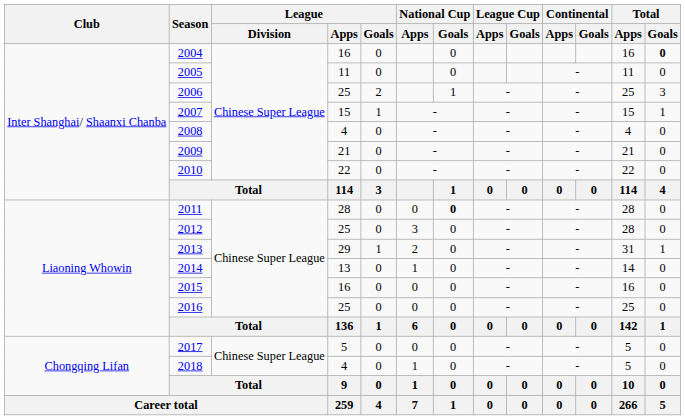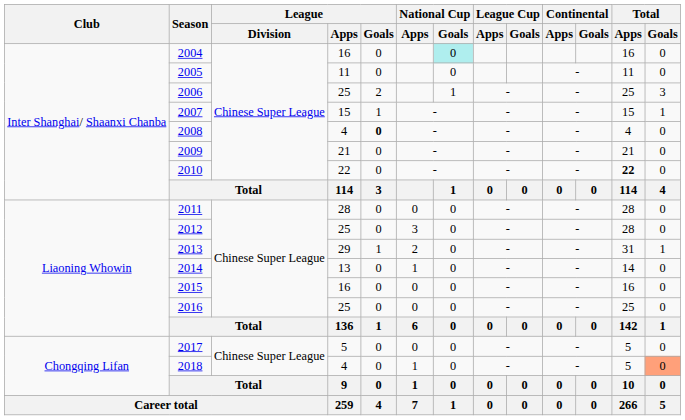 <table class="wikitable" style="text-align: center">
 <tr>
 <th rowspan="2">Club</th>
 <th rowspan="2">Season</th>
 <th colspan="3">League</th>
 <th colspan="2">National Cup</th>
 <th colspan="2">League Cup</th>
 <th colspan="2">Continental</th>
 <th colspan="2">Total</th>
 </tr>
 <tr>
 <th>Division</th>
 <th>Apps</th>
 <th>Goals</th>
 <th>Apps</th>
 <th>Goals</th>
 <th>Apps</th>
 <th>Goals</th>
 <th>Apps</th>
 <th>Goals</th>
 <th>Apps</th>
 <th>Goals</th>
 </tr>
 <tr>
 <td rowspan="8"><a href='#'>Inter Shanghai</a>/ <a href='#'>Shaanxi Chanba</a></td>
 <td><a href='#'>2004</a></td>
 <td rowspan="7"><a href='#'>Chinese Super League</a></td>
 <td>16</td>
 <td>0</td>
 <td></td>
-<td>0</td>
+<td style="background: paleturquoise;">0</td>
 <td></td>
 <td></td>
 <td></td>
 <td></td>
 <td>16</td>
-<td><strong>0</strong></td>
+<td>0</td>
 </tr>
 <tr>
 <td><a href='#'>2005</a></td>
 <td>11</td>
 <td>0</td>
 <td></td>
 <td>0</td>
 <td></td>
 <td></td>
 <td colspan="2">-</td>
 <td>11</td>
 <td>0</td>
 </tr>
 <tr>
 <td><a href='#'>2006</a></td>
 <td>25</td>
 <td>2</td>
 <td></td>
 <td>1</td>
 <td colspan="2">-</td>
 <td colspan="2">-</td>
 <td>25</td>
 <td>3</td>
 </tr>
 <tr>
 <td><a href='#'>2007</a></td>
 <td>15</td>
 <td>1</td>
 <td colspan="2">-</td>
 <td colspan="2">-</td>
 <td colspan="2">-</td>
 <td>15</td>
 <td>1</td>
 </tr>
 <tr>
 <td><a href='#'>2008</a></td>
 <td>4</td>
-<td>0</td>
+<td><strong>0</strong></td>
 <td colspan="2">-</td>
 <td colspan="2">-</td>
 <td colspan="2">-</td>
 <td>4</td>
 <td>0</td>
 </tr>
 <tr>
 <td><a href='#'>2009</a></td>
 <td>21</td>
 <td>0</td>
 <td colspan="2">-</td>
 <td colspan="2">-</td>
 <td colspan="2">-</td>
 <td>21</td>
 <td>0</td>
 </tr>
 <tr>
 <td><a href='#'>2010</a></td>
 <td>22</td>
 <td>0</td>
 <td colspan="2">-</td>
 <td colspan="2">-</td>
 <td colspan="2">-</td>
-<td>22</td>
+<td><strong>22</strong></td>
 <td>0</td>
 </tr>
 <tr>
 <th colspan="2">Total</th>
 <th>114</th>
 <th>3</th>
 <th></th>
 <th>1</th>
 <th>0</th>
 <th>0</th>
 <th>0</th>
 <th>0</th>
 <th>114</th>
 <th>4</th>
 </tr>
 <tr>
 <td rowspan="7"><a href='#'>Liaoning Whowin</a></td>
 <td><a href='#'>2011</a></td>
 <td rowspan="6">Chinese Super League</td>
 <td>28</td>
 <td>0</td>
 <td>0</td>
-<td><strong>0</strong></td>
+<td>0</td>
 <td colspan="2">-</td>
 <td colspan="2">-</td>
 <td>28</td>
 <td>0</td>
 </tr>
 <tr>
 <td><a href='#'>2012</a></td>
 <td>25</td>
 <td>0</td>
 <td>3</td>
 <td>0</td>
 <td colspan="2">-</td>
 <td colspan="2">-</td>
 <td>28</td>
 <td>0</td>
 </tr>
 <tr>
 <td><a href='#'>2013</a></td>
 <td>29</td>
 <td>1</td>
 <td>2</td>
 <td>0</td>
 <td colspan="2">-</td>
 <td colspan="2">-</td>
 <td>31</td>
 <td>1</td>
 </tr>
 <tr>
 <td><a href='#'>2014</a></td>
 <td>13</td>
 <td>0</td>
 <td>1</td>
 <td>0</td>
 <td colspan="2">-</td>
 <td colspan="2">-</td>
 <td>14</td>
 <td>0</td>
 </tr>
 <tr>
 <td><a href='#'>2015</a></td>
 <td>16</td>
 <td>0</td>
 <td>0</td>
 <td>0</td>
 <td colspan="2">-</td>
 <td colspan="2">-</td>
 <td>16</td>
 <td>0</td>
 </tr>
 <tr>
 <td><a href='#'>2016</a></td>
 <td>25</td>
 <td>0</td>
 <td>0</td>
 <td>0</td>
 <td colspan="2">-</td>
 <td colspan="2">-</td>
 <td>25</td>
 <td>0</td>
 </tr>
 <tr>
 <th colspan="2">Total</th>
 <th>136</th>
 <th>1</th>
 <th>6</th>
 <th>0</th>
 <th>0</th>
 <th>0</th>
 <th>0</th>
 <th>0</th>
 <th>142</th>
 <th>1</th>
 </tr>
 <tr>
 <td rowspan="3"><a href='#'>Chongqing Lifan</a></td>
 <td><a href='#'>2017</a></td>
 <td rowspan="2">Chinese Super League</td>
 <td>5</td>
 <td>0</td>
 <td>0</td>
 <td>0</td>
 <td colspan="2">-</td>
 <td colspan="2">-</td>
 <td>5</td>
 <td>0</td>
 </tr>
 <tr>
 <td><a href='#'>2018</a></td>
 <td>4</td>
 <td>0</td>
 <td>1</td>
 <td>0</td>
 <td colspan="2">-</td>
 <td colspan="2">-</td>
 <td>5</td>
-<td>0</td>
+<td style="background: lightsalmon;">0</td>
 </tr>
 <tr>
 <th colspan="2">Total</th>
 <th>9</th>
 <th>0</th>
 <th>1</th>
 <th>0</th>
 <th>0</th>
 <th>0</th>
 <th>0</th>
 <th>0</th>
 <th>10</th>
 <th>0</th>
 </tr>
 <tr>
 <th colspan=3>Career total</th>
 <th>259</th>
 <th>4</th>
 <th>7</th>
 <th>1</th>
 <th>0</th>
 <th>0</th>
 <th>0</th>
 <th>0</th>
 <th>266</th>
 <th>5</th>
 </tr>
 </table>
